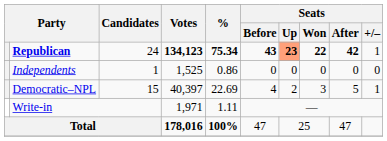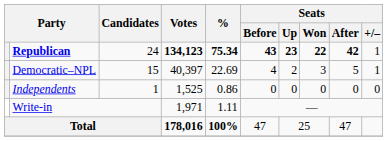 <table class="wikitable">
 <tr>
 <th rowspan="2" colspan="2">Party</th>
 <th rowspan="2">Candidates</th>
 <th rowspan="2">Votes</th>
 <th rowspan="2">%</th>
 <th colspan="5">Seats</th>
 </tr>
 <tr>
 <th>Before<br></th>
 <th>Up</th>
 <th>Won</th>
 <th>After<br></th>
 <th>+/–</th>
 </tr>
 <tr>
 <th style="background-color:"></th>
 <td><strong><a href='#'>Republican</a></strong></td>
 <td align="right">24</td>
 <td align="right"><strong>134,123</strong></td>
 <td align="right"><strong>75.34</strong></td>
 <td align="right"><strong>43</strong></td>
-<td align="right" style="background: lightsalmon;"><strong>23</strong></td>
+<td align="right"><strong>23</strong></td>
 <td align="right"><strong>22</strong></td>
 <td align="right"><strong>42</strong></td>
+<td align="right"> 1</td>
+</tr>
+<tr>
+<th style="background-color:"></th>
+<td><a href='#'>Democratic–NPL</a></td>
+<td align="right">15</td>
+<td align="right">40,397</td>
+<td align="right">22.69</td>
+<td align="right">4</td>
+<td align="right">2</td>
+<td align="right">3</td>
+<td align="right">5</td>
 <td align="right"> 1</td>
 </tr>
 <tr>
 <th style="background-color:"></th>
 <td><em><a href='#'>Independents</a></em></td>
 <td align="right">1</td>
 <td align="right">1,525</td>
 <td align="right">0.86</td>
 <td align="right">0</td>
 <td align="right">0</td>
 <td align="right">0</td>
 <td align="right">0</td>
 <td align="right">0</td>
-</tr>
-<tr>
-<th style="background-color:"></th>
-<td><a href='#'>Democratic–NPL</a></td>
-<td align="right">15</td>
-<td align="right">40,397</td>
-<td align="right">22.69</td>
-<td align="right">4</td>
-<td align="right">2</td>
-<td align="right">3</td>
-<td align="right">5</td>
-<td align="right"> 1</td>
 </tr>
 <tr>
 <th style="background-color:#ffffff"></th>
 <td colspan=2><a href='#'>Write-in</a></td>
 <td align="right">1,971</td>
 <td align="right">1.11</td>
 <td align="center" colspan="5">—</td>
 </tr>
 <tr>
 <th colspan="3">Total</th>
 <td align="right"><strong>178,016</strong></td>
 <td align="right"><strong>100%</strong></td>
 <td align="center">47</td>
 <td colspan="2" align="center">25</td>
 <td align="center">47</td>
 <td align="right"></td>
 </tr>
 <tr>
 </tr>
 </table>
